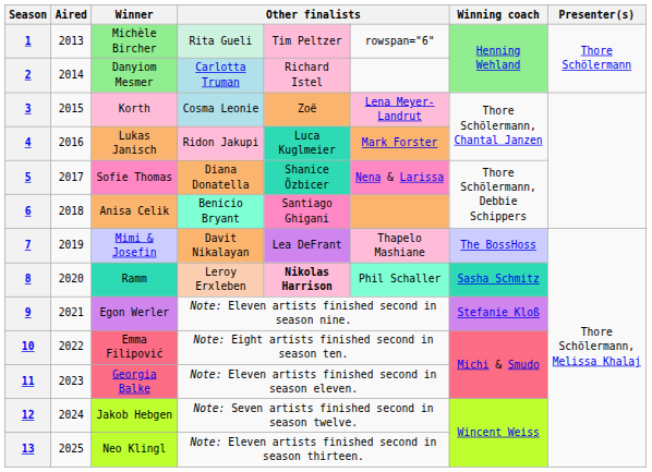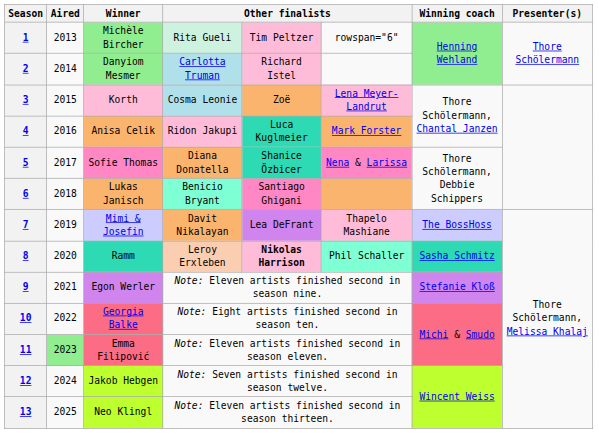 <table class="wikitable" style="text-align:center; font-size:100%; line-height:18px; width:90%">
 <tr>
 <th width="01%" scope="col">Season</th>
 <th width="01%" scope="col">Aired</th>
 <th width="07%" scope="col">Winner</th>
 <th colspan="3">Other finalists</th>
 <th width="05%" scope="col">Winning coach</th>
 <th width="05%" scope="col">Presenter(s)</th>
 </tr>
 <tr>
 <th><a href='#'>1</a></th>
 <td>2013</td>
 <td style="background:#90ee90">Michèle Bircher</td>
 <td style="background:#cef2e0">Rita Gueli</td>
 <td style="background:#ffbcd9">Tim Peltzer</td>
 <td>rowspan="6" </td>
 <td rowspan="2" style="background:#90ee90"><a href='#'>Henning Wehland</a></td>
 <td rowspan="2"><a href='#'>Thore Schölermann</a></td>
 </tr>
 <tr>
 <th><a href='#'>2</a></th>
 <td>2014</td>
 <td style="background:#90ee90">Danyiom Mesmer</td>
 <td style="background:#b0e0e9"><a href='#'>Carlotta Truman</a></td>
 <td style="background:#ffbcd9">Richard Istel</td>
 </tr>
 <tr>
 <th><a href='#'>3</a></th>
 <td>2015</td>
 <td style="background:#ffbcd9"> Korth</td>
 <td style="background:#b0e0e9">Cosma Leonie</td>
 <td style="background:#fbb46e">Zoë</td>
 <td style="background:#ffbcd9"><a href='#'>Lena Meyer-Landrut</a></td>
 <td rowspan="2">Thore Schölermann, <a href='#'>Chantal Janzen</a></td>
 </tr>
 <tr>
 <th><a href='#'>4</a></th>
 <td>2016</td>
-<td style="background:#fbb46e">Lukas Janisch</td>
+<td style="background:#fbb46e">Anisa Celik</td>
 <td style="background:#ffbcd9">Ridon Jakupi</td>
 <td style="background:#2ddab4">Luca Kuglmeier</td>
 <td style="background:#fbb46e"><a href='#'>Mark Forster</a></td>
 </tr>
 <tr>
 <th><a href='#'>5</a></th>
 <td>2017</td>
 <td style="background:#FF87C3">Sofie Thomas</td>
 <td style="background:#fbb46e">Diana Donatella</td>
 <td style="background:#2ddab4">Shanice Özbicer</td>
 <td style="background:#FF87C3"><a href='#'>Nena</a> & <a href='#'>Larissa</a></td>
 <td rowspan="2">Thore Schölermann, Debbie Schippers</td>
 </tr>
 <tr>
 <th><a href='#'>6</a></th>
 <td>2018</td>
-<td style="background:#fbb46e">Anisa Celik</td>
+<td style="background:#fbb46e">Lukas Janisch</td>
 <td style="background:#7FFFD4">Benicio Bryant</td>
 <td style="background:#FF87C3">Santiago Ghigani</td>
 <td style="background:#fbb46e"></td>
 </tr>
 <tr>
 <th><a href='#'>7</a></th>
 <td>2019</td>
 <td style="background:#ccccff"><a href='#'>Mimi & Josefin</a></td>
 <td style="background:#fbb46e; width:7%">Davit Nikalayan</td>
 <td style="background:#d084ee; width:7%">Lea DeFrant</td>
 <td style="background:#ffbcd9; width:7%">Thapelo Mashiane</td>
 <td style="background:#ccccff"><a href='#'>The BossHoss</a></td>
 <td rowspan="7">Thore Schölermann, <a href='#'>Melissa Khalaj</a></td>
 </tr>
 <tr>
 <th><a href='#'>8</a></th>
 <td>2020</td>
 <td style="background:#2ddab4"> Ramm</td>
 <td style="background:#FBCEB1">Leroy Erxleben</td>
 <td style="background:#ffbcd9"><strong>Nikolas Harrison</strong></td>
 <td style="background:#7FFFD4">Phil Schaller</td>
 <td style="background:#2ddab4"><a href='#'>Sasha Schmitz</a></td>
 </tr>
 <tr>
 <th><a href='#'>9</a></th>
 <td>2021</td>
 <td style="background:#d084ee">Egon Werler</td>
 <td colspan="3"><em>Note:</em> Eleven artists finished second in season nine.</td>
 <td style="background:#d084ee"><a href='#'>Stefanie Kloß</a></td>
 </tr>
 <tr>
 <th><a href='#'>10</a></th>
 <td>2022</td>
-<td style="background:#FC6C85">Emma Filipović</td>
+<td style="background:#FC6C85"><a href='#'>Georgia Balke</a></td>
 <td colspan="3"><em>Note:</em> Eight artists finished second in season ten.</td>
 <td rowspan="2" style="background:#FC6C85"><a href='#'>Michi</a> & <a href='#'>Smudo</a></td>
 </tr>
 <tr>
 <th><a href='#'>11</a></th>
-<td>2023</td>
-<td style="background:#FC6C85"><a href='#'>Georgia Balke</a></td>
+<td style="background: lightgreen;">2023</td>
+<td style="background:#FC6C85">Emma Filipović</td>
 <td colspan="3"><em>Note:</em> Eleven artists finished second in season eleven.</td>
 </tr>
 <tr>
 <th><a href='#'>12</a></th>
 <td>2024</td>
 <td style="background:#bdff2f">Jakob Hebgen</td>
 <td colspan="3"><em>Note:</em> Seven artists finished second in season twelve.</td>
 <td rowspan="2" style="background:#bdff2f"><a href='#'>Wincent Weiss</a></td>
 </tr>
 <tr>
 <th><a href='#'>13</a></th>
 <td>2025</td>
 <td style="background:#bdff2f">Neo Klingl</td>
 <td colspan="3"><em>Note:</em> Eleven artists finished second in season thirteen.</td>
 </tr>
 </table>
